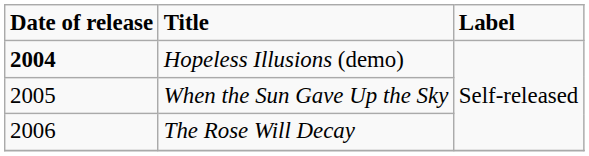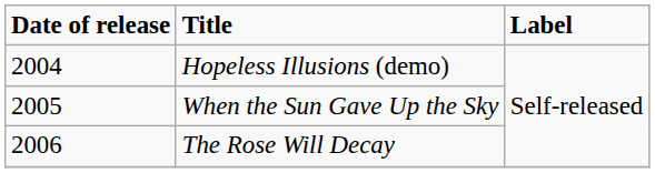 <table class="wikitable">
 <tr>
 <td><strong>Date of release</strong></td>
 <td><strong>Title</strong></td>
 <td><strong>Label</strong></td>
 </tr>
 <tr>
-<td><strong>2004</strong></td>
+<td>2004</td>
 <td><em>Hopeless Illusions</em> (demo)</td>
 <td rowspan="3">Self-released</td>
 </tr>
 <tr>
 <td>2005</td>
 <td><em>When the Sun Gave Up the Sky</em></td>
 </tr>
 <tr>
 <td>2006</td>
 <td><em>The Rose Will Decay</em></td>
 </tr>
 <tr>
 </tr>
 </table>
